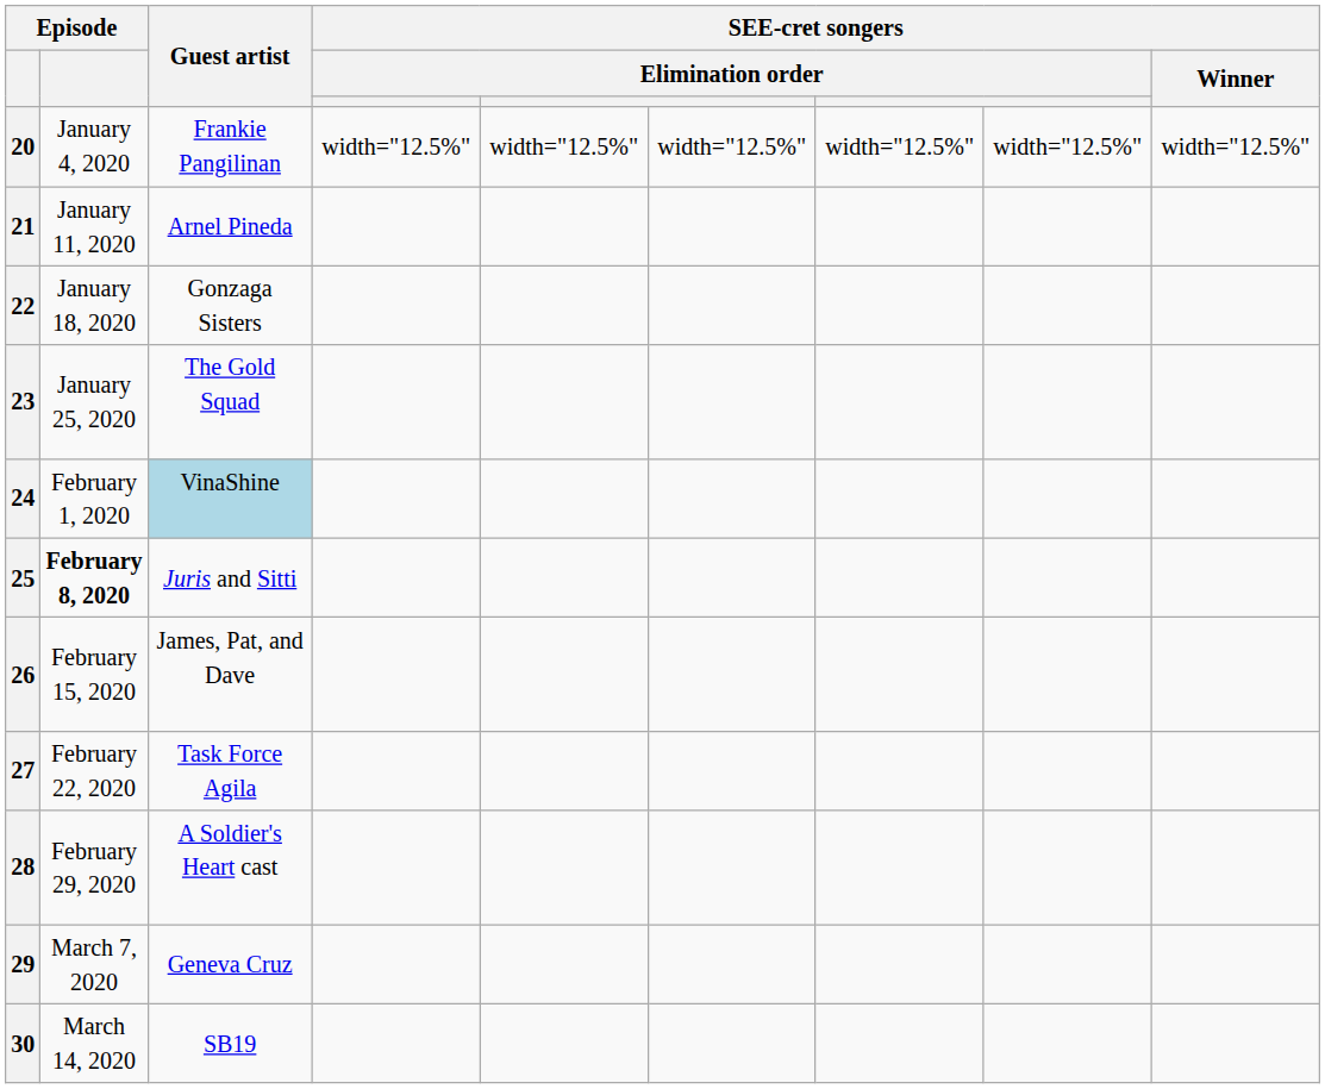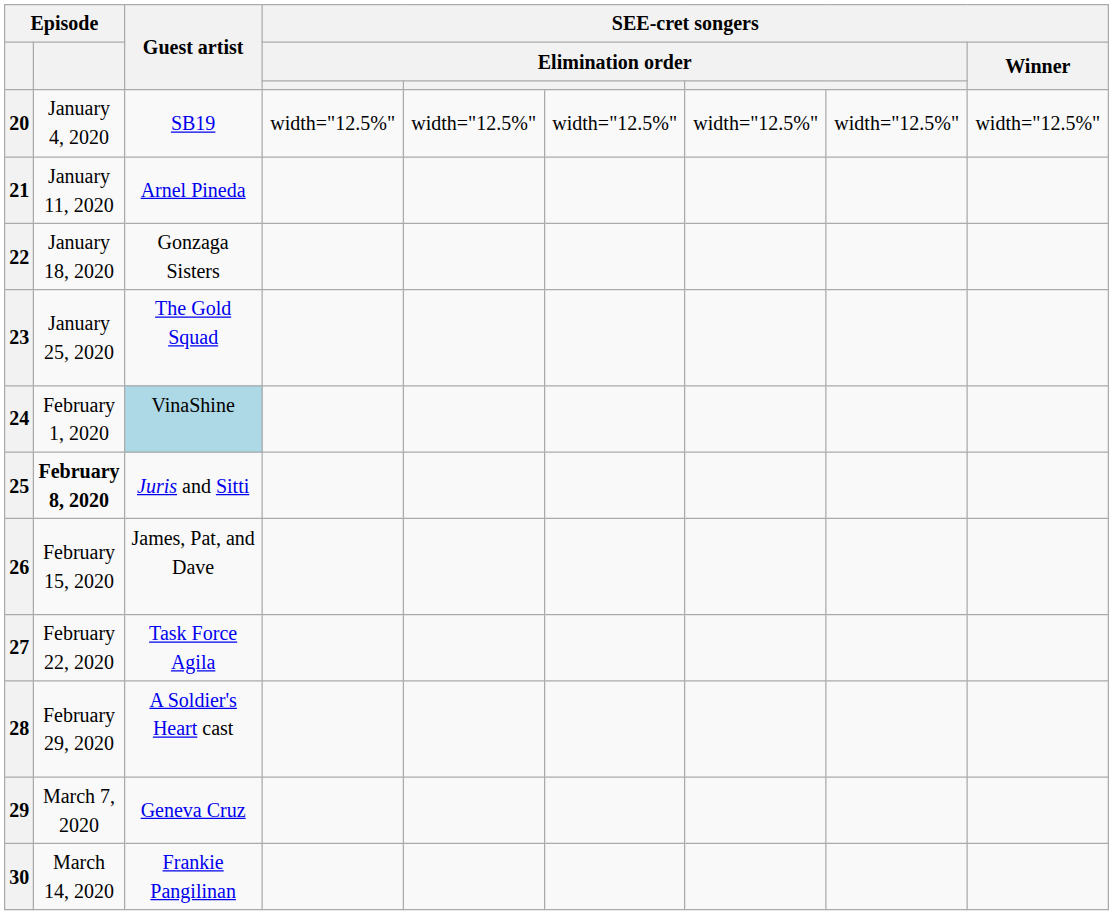 <table class="wikitable plainrowheaders mw-collapsible" style="text-align:center; line-height:23px; width:100%;">
 <tr>
 <th colspan="2" width="1%">Episode</th>
 <th rowspan="3" width="12.5%">Guest artist</th>
 <th colspan="6">SEE-cret songers<br></th>
 </tr>
 <tr>
 <th rowspan="2"></th>
 <th rowspan="2"></th>
 <th colspan="5">Elimination order</th>
 <th rowspan="2">Winner</th>
 </tr>
 <tr>
 <th></th>
 <th colspan="2"></th>
 <th colspan="2"></th>
 </tr>
 <tr>
 <th>20</th>
 <td>January 4, 2020</td>
-<td><a href='#'>Frankie Pangilinan</a></td>
+<td><a href='#'>SB19</a><br></td>
 <td>width="12.5%" </td>
 <td>width="12.5%" </td>
 <td>width="12.5%" </td>
 <td>width="12.5%" </td>
 <td>width="12.5%" </td>
 <td>width="12.5%" </td>
 </tr>
 <tr>
 <th>21</th>
 <td>January 11, 2020</td>
 <td><a href='#'>Arnel Pineda</a></td>
 <td></td>
 <td></td>
 <td></td>
 <td></td>
 <td></td>
 <td></td>
 </tr>
 <tr>
 <th>22</th>
 <td>January 18, 2020</td>
 <td>Gonzaga Sisters<br></td>
 <td></td>
 <td></td>
 <td></td>
 <td></td>
 <td></td>
 <td></td>
 </tr>
 <tr>
 <th>23</th>
 <td>January 25, 2020</td>
 <td><a href='#'>The Gold Squad</a><br><br></td>
 <td></td>
 <td></td>
 <td></td>
 <td></td>
 <td></td>
 <td></td>
 </tr>
 <tr>
 <th>24</th>
 <td>February 1, 2020</td>
 <td style="background: lightblue;">VinaShine<br><br></td>
 <td></td>
 <td></td>
 <td></td>
 <td></td>
 <td></td>
 <td></td>
 </tr>
 <tr>
 <th>25</th>
 <td><strong>February 8, 2020</strong></td>
 <td><em><a href='#'>Juris</a></em> and <a href='#'>Sitti</a></td>
 <td></td>
 <td></td>
 <td></td>
 <td></td>
 <td></td>
 <td></td>
 </tr>
 <tr>
 <th>26</th>
 <td>February 15, 2020</td>
 <td>James, Pat, and Dave<br><br></td>
 <td></td>
 <td></td>
 <td></td>
 <td></td>
 <td></td>
 <td></td>
 </tr>
 <tr>
 <th>27</th>
 <td>February 22, 2020</td>
 <td><a href='#'>Task Force Agila</a><br></td>
 <td></td>
 <td></td>
 <td></td>
 <td></td>
 <td></td>
 <td></td>
 </tr>
 <tr>
 <th>28</th>
 <td>February 29, 2020</td>
 <td><a href='#'>A Soldier's Heart</a> cast<br><br></td>
 <td></td>
 <td></td>
 <td></td>
 <td></td>
 <td></td>
 <td></td>
 </tr>
 <tr>
 <th>29</th>
 <td>March 7, 2020</td>
 <td><a href='#'>Geneva Cruz</a></td>
 <td></td>
 <td></td>
 <td></td>
 <td></td>
 <td></td>
 <td></td>
 </tr>
 <tr>
 <th>30</th>
 <td>March 14, 2020</td>
-<td><a href='#'>SB19</a><br></td>
+<td><a href='#'>Frankie Pangilinan</a></td>
 <td></td>
 <td></td>
 <td></td>
 <td></td>
 <td></td>
 <td></td>
 </tr>
 </table>
